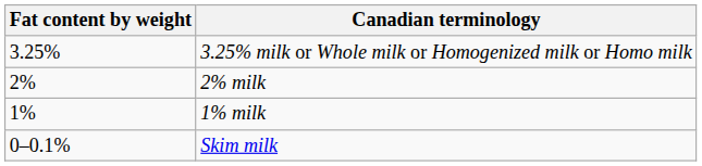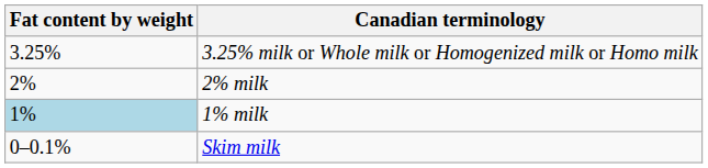 <table class="wikitable" style="text-align:left">
 <tr>
 <th>Fat content by weight</th>
 <th>Canadian terminology</th>
 </tr>
 <tr>
 <td>3.25%</td>
 <td><em>3.25% milk</em> or <em>Whole milk</em> or <em>Homogenized milk</em> or <em>Homo milk</em></td>
 </tr>
 <tr>
 <td>2%</td>
 <td><em>2% milk</em></td>
 </tr>
 <tr>
-<td>1%</td>
+<td style="background: lightblue;">1%</td>
 <td><em>1% milk</em></td>
 </tr>
 <tr>
 <td>0–0.1%</td>
 <td><em><a href='#'>Skim milk</a></em></td>
 </tr>
 </table>
